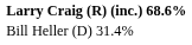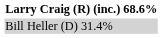 <table>
 <tr>
 <td><strong>Larry Craig (R) (inc.) 68.6%</strong></td>
 </tr>
 <tr>
-<td>Bill Heller (D) 31.4%</td>
+<td style="background: lightgrey;">Bill Heller (D) 31.4%</td>
 </tr>
 </table>
